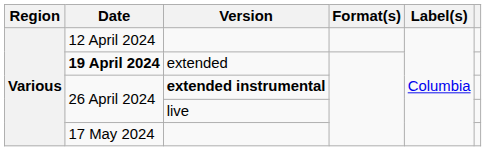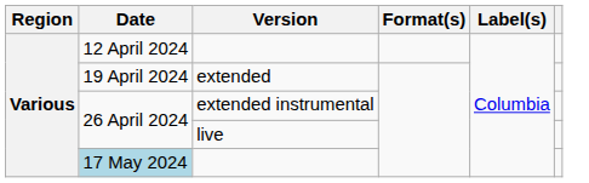 <table class="wikitable plainrowheaders">
 <tr>
 <th scope="col">Region</th>
 <th scope="col">Date</th>
 <th scope="col">Version</th>
 <th scope="col">Format(s)</th>
 <th scope="col">Label(s)</th>
 <th scope="col"></th>
 </tr>
 <tr>
 <th scope="row" rowspan="5">Various</th>
 <td>12 April 2024</td>
 <td></td>
 <td></td>
 <td rowspan="5"><a href='#'>Columbia</a></td>
 <td style="text-align:center;"></td>
 </tr>
 <tr>
-<td><strong>19 April 2024</strong></td>
+<td>19 April 2024</td>
 <td>extended</td>
 <td rowspan="4"></td>
 <td style="text-align:center;"></td>
 </tr>
 <tr>
 <td rowspan="2">26 April 2024</td>
-<td><strong>extended instrumental</strong></td>
+<td>extended instrumental</td>
 <td style="text-align:center;"></td>
 </tr>
 <tr>
 <td>live</td>
 <td style="text-align:center;"></td>
 </tr>
 <tr>
-<td>17 May 2024</td>
+<td style="background: lightblue;">17 May 2024</td>
 <td></td>
 <td style="text-align:center;"></td>
 </tr>
 </table>
